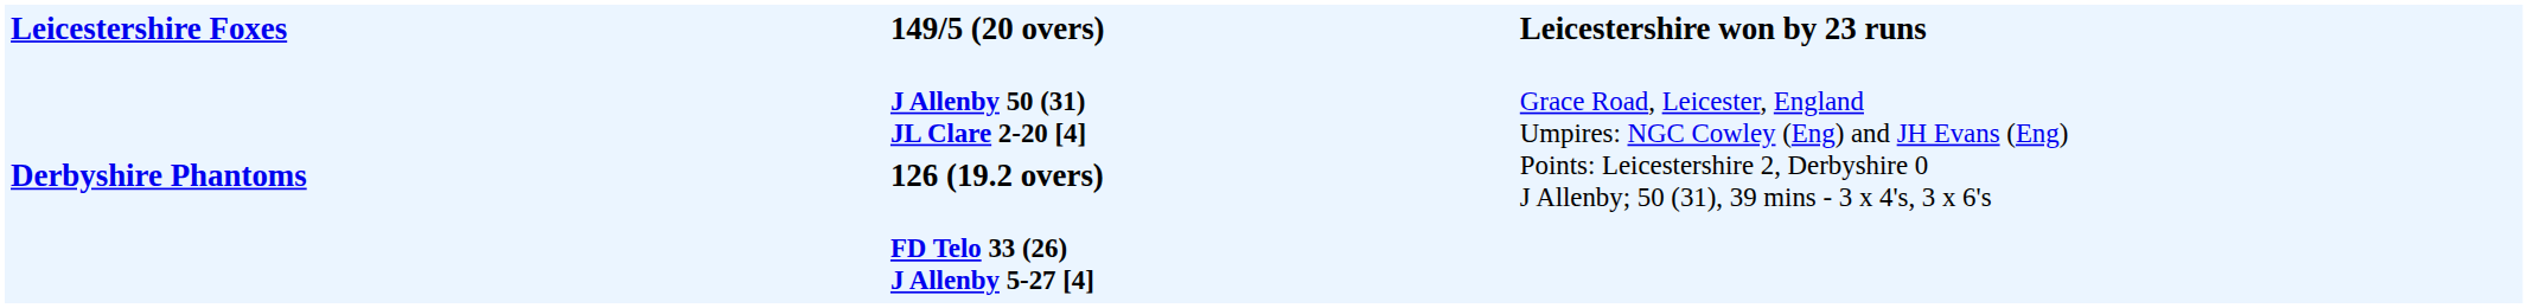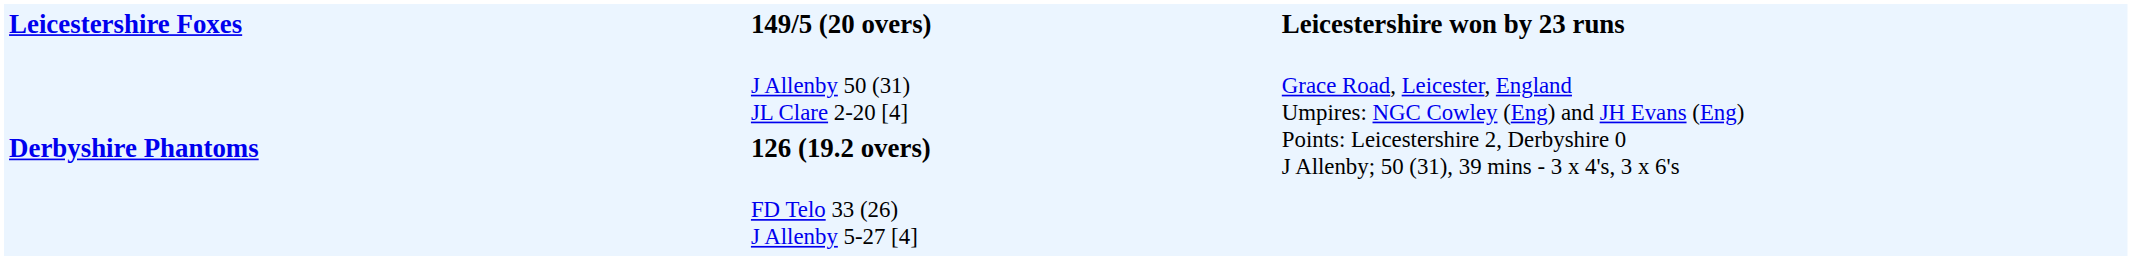 <table style="width:100%; background:#ebf5ff;">
 <tr>
 <td style="width:35%; vertical-align:top;" rowspan="2"><strong><a href='#'>Leicestershire Foxes</a></strong></td>
 <td style="width:25%;"><strong>149/5 (20 overs)</strong></td>
 <td style="width:40%;"><strong>Leicestershire won by 23 runs</strong></td>
 </tr>
 <tr>
-<td style="font-size: 85%;"><strong><br><a href='#'>J Allenby</a> 50 (31)<br> <a href='#'>JL Clare</a> 2-20 [4]</strong></td>
+<td style="font-size: 85%;"><br><a href='#'>J Allenby</a> 50 (31)<br> <a href='#'>JL Clare</a> 2-20 [4]</td>
 <td style="vertical-align:top; font-size:85%;" rowspan="3"><br><a href='#'>Grace Road</a>, <a href='#'>Leicester</a>, <a href='#'>England</a><br> Umpires: <a href='#'>NGC Cowley</a> (<a href='#'>Eng</a>) and <a href='#'>JH Evans</a> (<a href='#'>Eng</a>)<br> Points: Leicestershire 2, Derbyshire 0<br>J Allenby; 50 (31), 39 mins - 3 x 4's, 3 x 6's</td>
 </tr>
 <tr>
 <td style="vertical-align:top;" rowspan="2"><strong><a href='#'>Derbyshire Phantoms</a></strong></td>
 <td><strong>126 (19.2 overs)</strong></td>
 </tr>
 <tr>
-<td style="font-size: 85%;"><strong><br><a href='#'>FD Telo</a> 33 (26)<br> <a href='#'>J Allenby</a> 5-27 [4]</strong></td>
+<td style="font-size: 85%;"><br><a href='#'>FD Telo</a> 33 (26)<br> <a href='#'>J Allenby</a> 5-27 [4]</td>
 </tr>
 </table>
